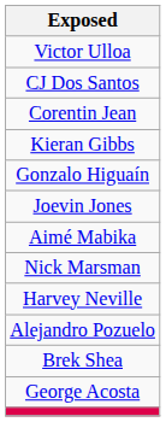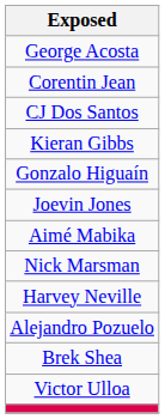 <table class="wikitable" style="text-align:center">
 <tr>
 <th>Exposed</th>
 </tr>
 <tr>
-<td><a href='#'>Victor Ulloa</a></td>
+<td><a href='#'>George Acosta</a></td>
+</tr>
+<tr>
+<td><a href='#'>Corentin Jean</a></td>
 </tr>
 <tr>
 <td><a href='#'>CJ Dos Santos</a></td>
-</tr>
-<tr>
-<td><a href='#'>Corentin Jean</a></td>
 </tr>
 <tr>
 <td><a href='#'>Kieran Gibbs</a></td>
 </tr>
 <tr>
 <td><a href='#'>Gonzalo Higuaín</a></td>
 </tr>
 <tr>
 <td><a href='#'>Joevin Jones</a></td>
 </tr>
 <tr>
 <td><a href='#'>Aimé Mabika</a></td>
 </tr>
 <tr>
 <td><a href='#'>Nick Marsman</a></td>
 </tr>
 <tr>
 <td><a href='#'>Harvey Neville</a></td>
 </tr>
 <tr>
 <td><a href='#'>Alejandro Pozuelo</a></td>
 </tr>
 <tr>
 <td><a href='#'>Brek Shea</a></td>
 </tr>
 <tr>
-<td><a href='#'>George Acosta</a></td>
+<td><a href='#'>Victor Ulloa</a></td>
 </tr>
 <tr>
 <td style="background: #DD004A"></td>
 </tr>
 <tr>
 </tr>
 </table>
